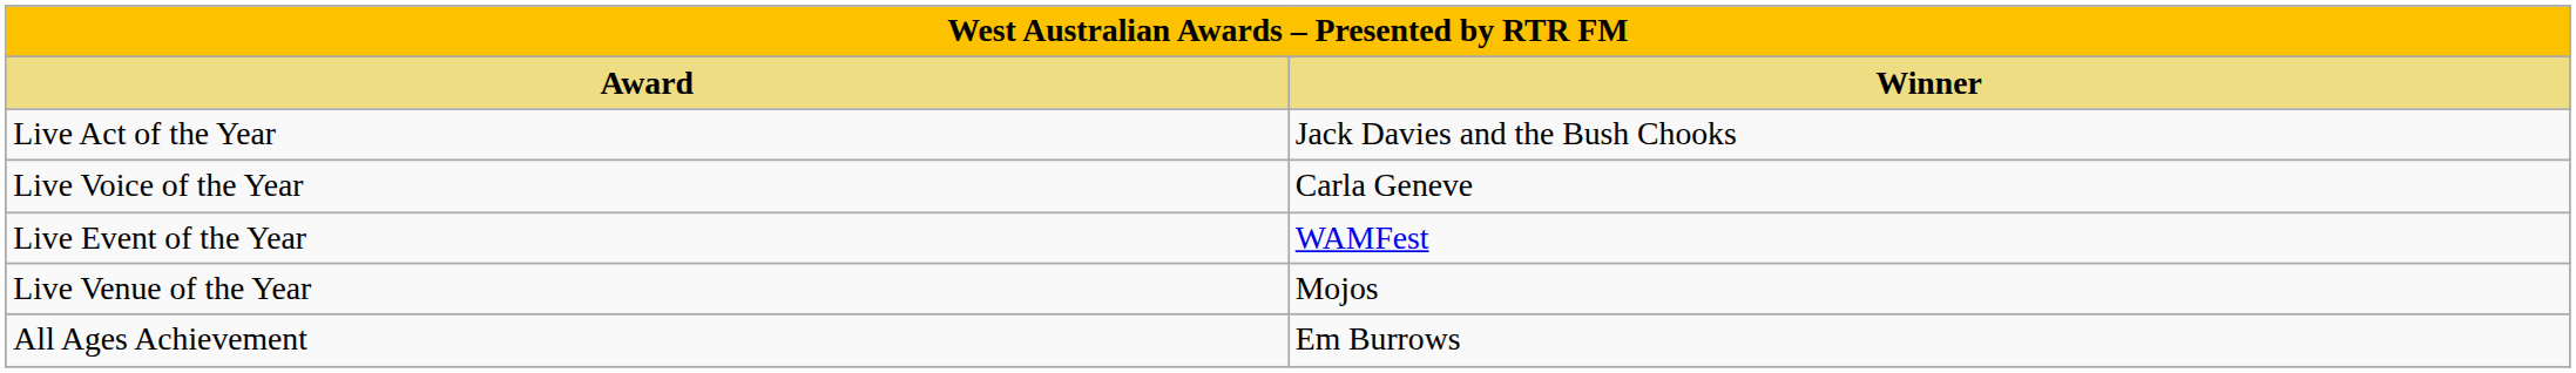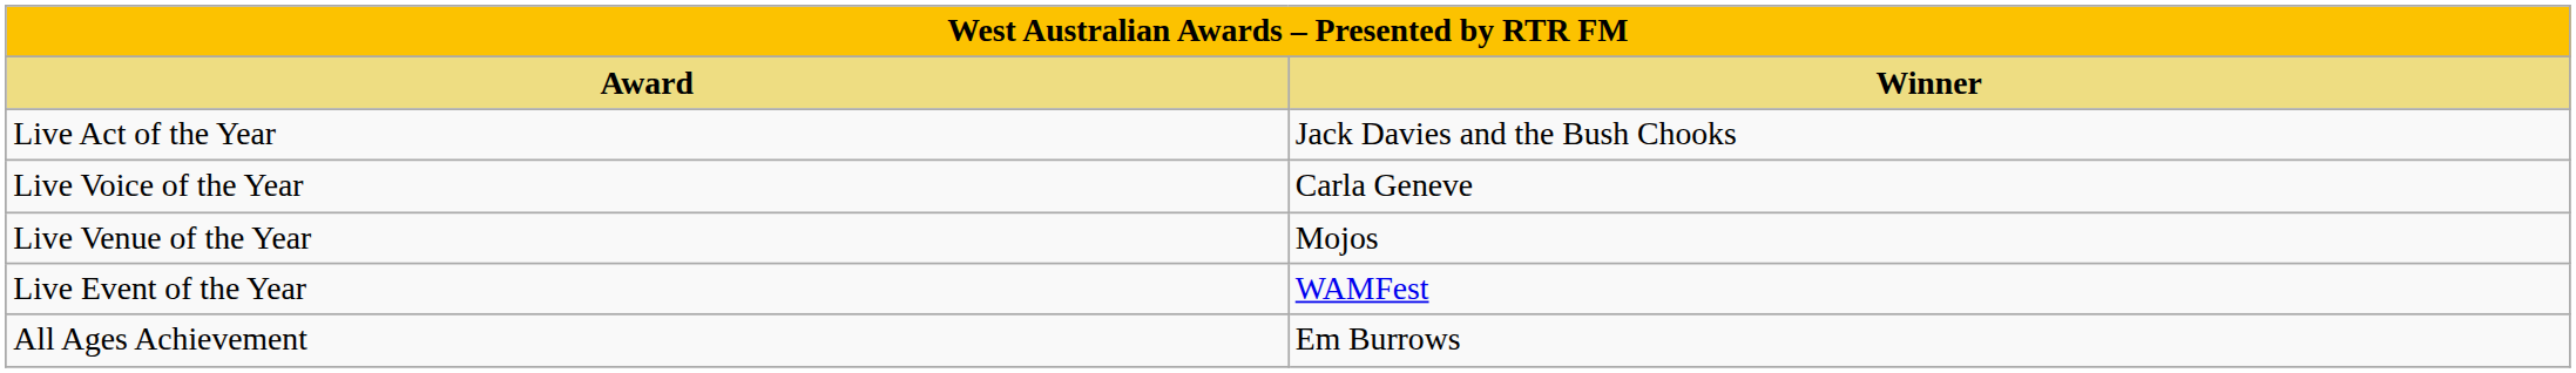 <table class="wikitable" width=100%>
 <tr>
 <th colspan="2" ! style="width:15%;background:#FCC200">West Australian Awards – Presented by RTR FM</th>
 </tr>
 <tr>
 <th style="width:10%;background:#EEDD82;">Award</th>
 <th style="width:10%;background:#EEDD82;">Winner</th>
 </tr>
 <tr>
 <td>Live Act of the Year</td>
 <td>Jack Davies and the Bush Chooks</td>
 </tr>
 <tr>
 <td>Live Voice of the Year</td>
 <td>Carla Geneve</td>
 </tr>
 <tr>
+<td>Live Venue of the Year</td>
+<td>Mojos</td>
+</tr>
+<tr>
 <td>Live Event of the Year</td>
 <td><a href='#'>WAMFest</a></td>
-</tr>
-<tr>
-<td>Live Venue of the Year</td>
-<td>Mojos</td>
 </tr>
 <tr>
 <td>All Ages Achievement</td>
 <td>Em Burrows</td>
 </tr>
 </table>
